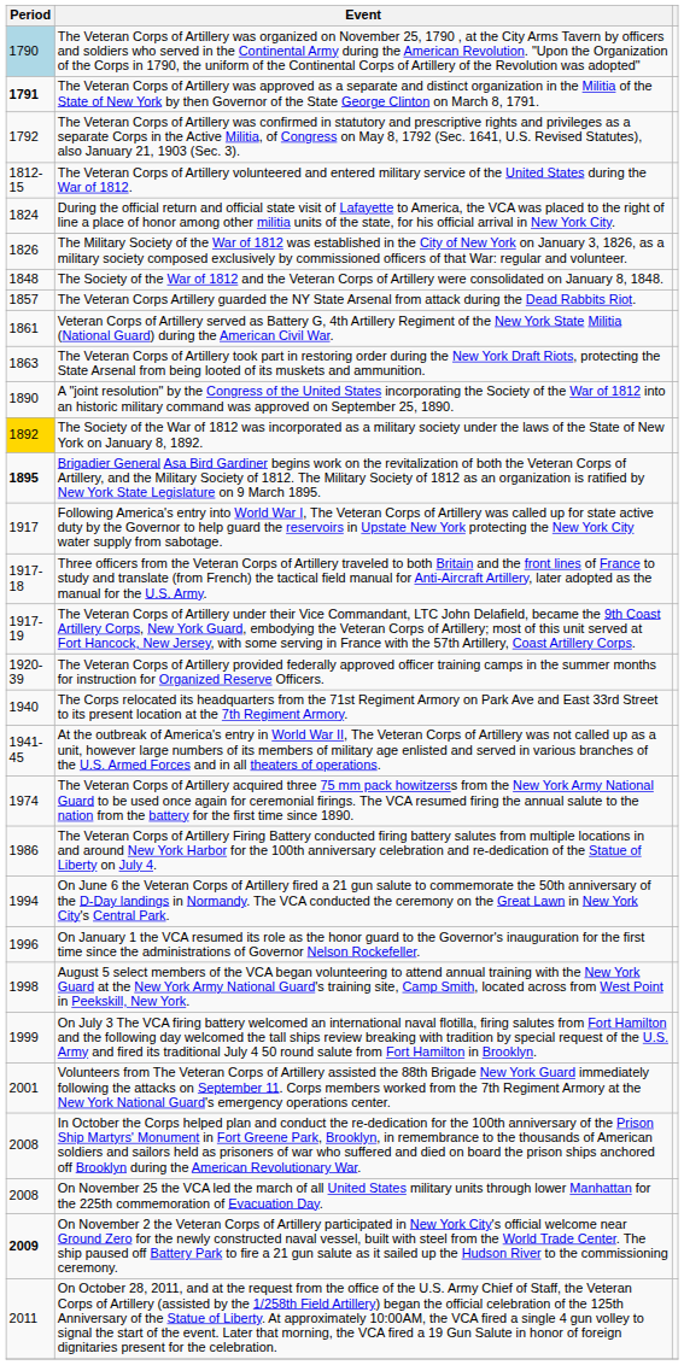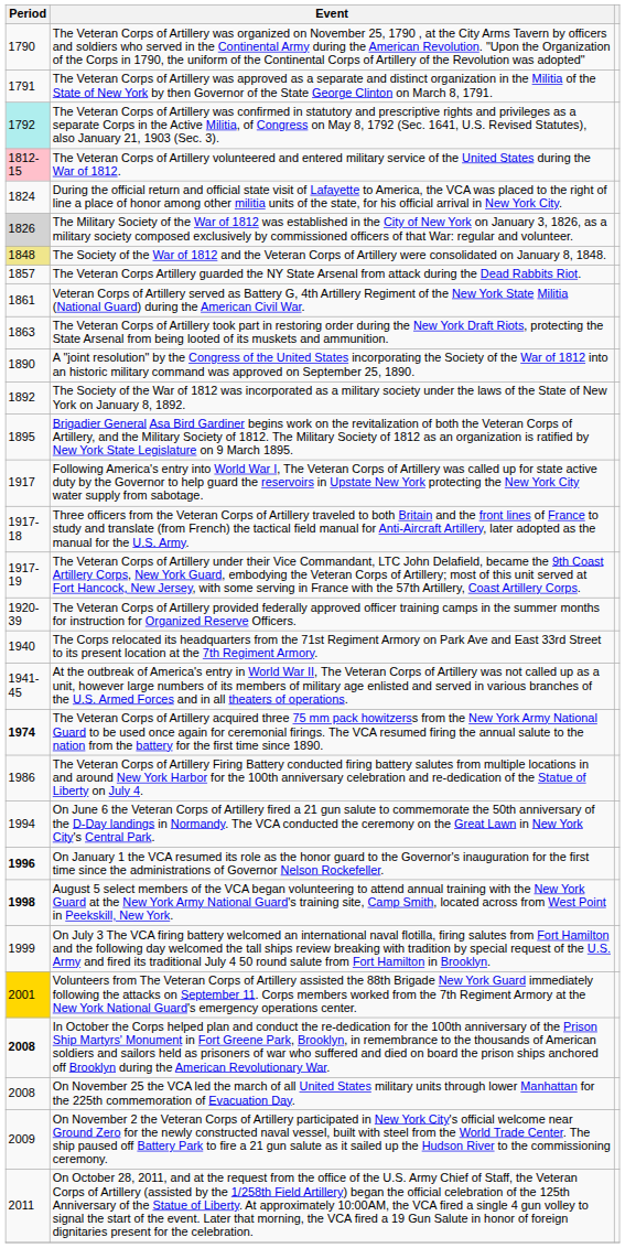 <table class="wikitable" style="text-align: left; margin:2em">
 <tr>
 <th>Period</th>
 <th>Event</th>
 <th></th>
 </tr>
 <tr>
-<td style="background: lightblue;">1790</td>
+<td>1790</td>
 <td>The Veteran Corps of Artillery was organized on November 25, 1790 , at the City Arms Tavern by officers and soldiers who served in the <a href='#'>Continental Army</a> during the <a href='#'>American Revolution</a>. "Upon the Organization of the Corps in 1790, the uniform of the Continental Corps of Artillery of the Revolution was adopted"</td>
 <td></td>
 </tr>
 <tr>
-<td><strong>1791</strong></td>
+<td>1791</td>
 <td>The Veteran Corps of Artillery was approved as a separate and distinct organization in the <a href='#'>Militia</a> of the <a href='#'>State of New York</a> by then Governor of the State <a href='#'>George Clinton</a> on March 8, 1791. </td>
 <td></td>
 </tr>
 <tr>
-<td>1792</td>
+<td style="background: paleturquoise;">1792</td>
 <td>The Veteran Corps of Artillery was confirmed in statutory and prescriptive rights and privileges as a separate Corps in the Active <a href='#'>Militia</a>, of <a href='#'>Congress</a> on May 8, 1792 (Sec. 1641, U.S. Revised Statutes), also January 21, 1903 (Sec. 3).</td>
 <td></td>
 </tr>
 <tr>
-<td>1812-15</td>
+<td style="background: pink;">1812-15</td>
 <td>The Veteran Corps of Artillery volunteered and entered military service of the <a href='#'>United States</a> during the <a href='#'>War of 1812</a>.</td>
 <td></td>
 </tr>
 <tr>
 <td>1824</td>
 <td>During the official return and official state visit of <a href='#'>Lafayette</a> to America, the VCA was placed to the right of line a place of honor among other <a href='#'>militia</a> units of the state, for his official arrival in <a href='#'>New York City</a>.</td>
 <td></td>
 </tr>
 <tr>
-<td>1826</td>
+<td style="background: lightgrey;">1826</td>
 <td>The Military Society of the <a href='#'>War of 1812</a> was established in the <a href='#'>City of New York</a> on January 3, 1826, as a military society composed exclusively by commissioned officers of that War: regular and volunteer.</td>
 <td></td>
 </tr>
 <tr>
-<td>1848</td>
+<td style="background: khaki;">1848</td>
 <td>The Society of the <a href='#'>War of 1812</a> and the Veteran Corps of Artillery were consolidated on January 8, 1848.</td>
 <td></td>
 </tr>
 <tr>
 <td>1857</td>
 <td>The Veteran Corps Artillery guarded the NY State Arsenal from attack during the <a href='#'>Dead Rabbits Riot</a>.</td>
 <td></td>
 </tr>
 <tr>
 <td>1861</td>
 <td>Veteran Corps of Artillery served as Battery G, 4th Artillery Regiment of the <a href='#'>New York State</a>  <a href='#'>Militia</a> (<a href='#'>National Guard</a>) during the <a href='#'>American Civil War</a>.</td>
 <td></td>
 </tr>
 <tr>
 <td>1863</td>
 <td>The Veteran Corps of Artillery took part in restoring order during the <a href='#'>New York Draft Riots</a>, protecting the State Arsenal from being looted of its muskets and ammunition.</td>
 <td></td>
 </tr>
 <tr>
 <td>1890</td>
 <td>A "joint resolution" by the <a href='#'>Congress of the United States</a> incorporating the Society of the <a href='#'>War of 1812</a> into an historic military command was approved on September 25, 1890.</td>
 <td></td>
 </tr>
 <tr>
-<td style="background: gold;">1892</td>
+<td>1892</td>
 <td>The Society of the War of 1812 was incorporated as a military society under the laws of the State of New York on January 8, 1892.</td>
 <td></td>
 </tr>
 <tr>
-<td><strong>1895</strong></td>
+<td>1895</td>
 <td><a href='#'>Brigadier General</a> <a href='#'>Asa Bird Gardiner</a> begins work on the revitalization of both the Veteran Corps of Artillery, and the Military Society of 1812. The Military Society of 1812 as an organization is ratified by <a href='#'>New York State Legislature</a> on 9 March 1895.</td>
 <td></td>
 </tr>
 <tr>
 <td>1917</td>
 <td>Following America's entry into  <a href='#'>World War I</a>, The  Veteran Corps of Artillery was called up for state active duty by the Governor to help guard the <a href='#'>reservoirs</a>  in <a href='#'>Upstate New York</a> protecting the <a href='#'>New York City</a> water supply from sabotage.</td>
 <td></td>
 </tr>
 <tr>
 <td>1917-18</td>
 <td>Three officers from the Veteran Corps of Artillery traveled to both <a href='#'>Britain</a> and the <a href='#'>front lines</a> of <a href='#'>France</a> to study and translate (from French) the tactical field manual for <a href='#'>Anti-Aircraft Artillery</a>, later adopted as the manual for the <a href='#'>U.S. Army</a>.</td>
 <td></td>
 </tr>
 <tr>
 <td>1917-19</td>
 <td>The Veteran Corps of Artillery under their Vice Commandant, LTC John Delafield, became the <a href='#'>9th Coast Artillery Corps</a>, <a href='#'>New York Guard</a>, embodying the Veteran Corps of Artillery; most of this unit served at <a href='#'>Fort Hancock, New Jersey</a>, with some serving in France with the 57th Artillery, <a href='#'>Coast Artillery Corps</a>.</td>
 <td></td>
 </tr>
 <tr>
 <td>1920-39</td>
 <td>The Veteran Corps of Artillery provided federally approved officer training camps in the summer months for instruction for <a href='#'>Organized Reserve</a> Officers.</td>
 <td></td>
 </tr>
 <tr>
 <td>1940</td>
 <td>The Corps relocated its headquarters from the 71st Regiment Armory on Park Ave and East 33rd Street to its present location at the <a href='#'>7th Regiment Armory</a>.</td>
 <td></td>
 </tr>
 <tr>
 <td>1941-45</td>
 <td>At the outbreak of America's entry in <a href='#'>World War II</a>, The Veteran Corps of Artillery was not called up as a unit, however large numbers of its members of military age enlisted and served in various branches of the <a href='#'>U.S. Armed Forces</a> and in all <a href='#'>theaters of operations</a>. </td>
 <td></td>
 </tr>
 <tr>
-<td>1974</td>
+<td><strong>1974</strong></td>
 <td>The Veteran Corps of Artillery acquired three <a href='#'>75 mm pack howitzers</a>s from the <a href='#'>New York Army National Guard</a> to be used once again for ceremonial firings. The VCA resumed firing the annual salute to the <a href='#'>nation</a> from the <a href='#'>battery</a> for the first time since 1890.</td>
 <td></td>
 </tr>
 <tr>
 <td>1986</td>
 <td>The Veteran Corps of Artillery Firing Battery conducted firing battery salutes from multiple locations in and around <a href='#'>New York Harbor</a> for the 100th anniversary celebration and re-dedication of the <a href='#'>Statue of Liberty</a> on <a href='#'>July 4</a>.</td>
 <td></td>
 </tr>
 <tr>
 <td>1994</td>
 <td>On June 6 the Veteran Corps of Artillery fired a 21 gun salute to commemorate the 50th anniversary of the <a href='#'>D-Day landings</a> in <a href='#'>Normandy</a>. The VCA conducted the ceremony on the <a href='#'>Great Lawn</a> in <a href='#'>New York City</a>'s <a href='#'>Central Park</a>.</td>
 <td></td>
 </tr>
 <tr>
-<td>1996</td>
+<td><strong>1996</strong></td>
 <td>On January 1 the VCA resumed its role as the honor guard to the Governor's  inauguration for the first time since the administrations of Governor <a href='#'>Nelson Rockefeller</a>.</td>
 <td></td>
 </tr>
 <tr>
-<td>1998</td>
+<td><strong>1998</strong></td>
 <td>August 5 select members of the VCA began volunteering to attend annual training with the <a href='#'>New York Guard</a> at the <a href='#'>New York Army National Guard</a>'s training site, <a href='#'>Camp Smith</a>, located across from <a href='#'>West Point</a> in <a href='#'>Peekskill, New York</a>.</td>
 <td></td>
 </tr>
 <tr>
 <td>1999</td>
 <td>On July 3 The VCA firing battery welcomed an international naval flotilla, firing salutes from <a href='#'>Fort Hamilton</a>  and the following day welcomed the tall ships review breaking with  tradition by special request of the <a href='#'>U.S. Army</a> and fired its traditional July 4 50 round salute from <a href='#'>Fort Hamilton</a> in <a href='#'>Brooklyn</a>.</td>
 <td></td>
 </tr>
 <tr>
-<td>2001</td>
+<td style="background: gold;">2001</td>
 <td>Volunteers from The Veteran Corps of Artillery assisted the 88th Brigade <a href='#'>New York Guard</a> immediately following the attacks on <a href='#'>September 11</a>. Corps members worked from the 7th Regiment Armory at the <a href='#'>New York National Guard</a>'s emergency operations center.</td>
 <td></td>
 </tr>
 <tr>
-<td>2008</td>
+<td><strong>2008</strong></td>
 <td>In October the Corps helped plan and conduct the re-dedication for the 100th anniversary of the <a href='#'>Prison Ship Martyrs' Monument</a> in <a href='#'>Fort Greene Park</a>, <a href='#'>Brooklyn</a>, in remembrance to the thousands of American soldiers and sailors held as prisoners of war who suffered and died on board the prison ships anchored off <a href='#'>Brooklyn</a> during the <a href='#'>American Revolutionary War</a>.</td>
 <td></td>
 </tr>
 <tr>
 <td>2008</td>
 <td>On November 25 the VCA led the march of all <a href='#'>United States</a> military units  through lower <a href='#'>Manhattan</a> for the 225th commemoration of <a href='#'>Evacuation Day</a>.</td>
 <td></td>
 </tr>
 <tr>
-<td><strong>2009</strong></td>
+<td>2009</td>
 <td>On November 2 the Veteran Corps of Artillery participated in <a href='#'>New York City</a>'s official welcome near <a href='#'>Ground Zero</a> for the newly constructed naval vessel,  built with steel from the <a href='#'>World Trade Center</a>. The ship paused off <a href='#'>Battery Park</a> to fire a 21 gun salute as it sailed up the <a href='#'>Hudson River</a> to the commissioning ceremony.</td>
 <td></td>
 </tr>
 <tr>
 <td>2011</td>
 <td>On October 28, 2011, and at the request from the office of the U.S. Army Chief of Staff, the Veteran Corps of Artillery (assisted by the <a href='#'>1/258th Field Artillery</a>) began the official celebration of the 125th Anniversary of the <a href='#'>Statue of Liberty</a>. At approximately 10:00AM, the VCA fired a single 4 gun volley to signal the start of the event. Later that morning, the VCA fired a 19 Gun Salute in honor of foreign dignitaries present for the celebration.</td>
 <td></td>
 </tr>
 <tr>
 </tr>
 </table>
